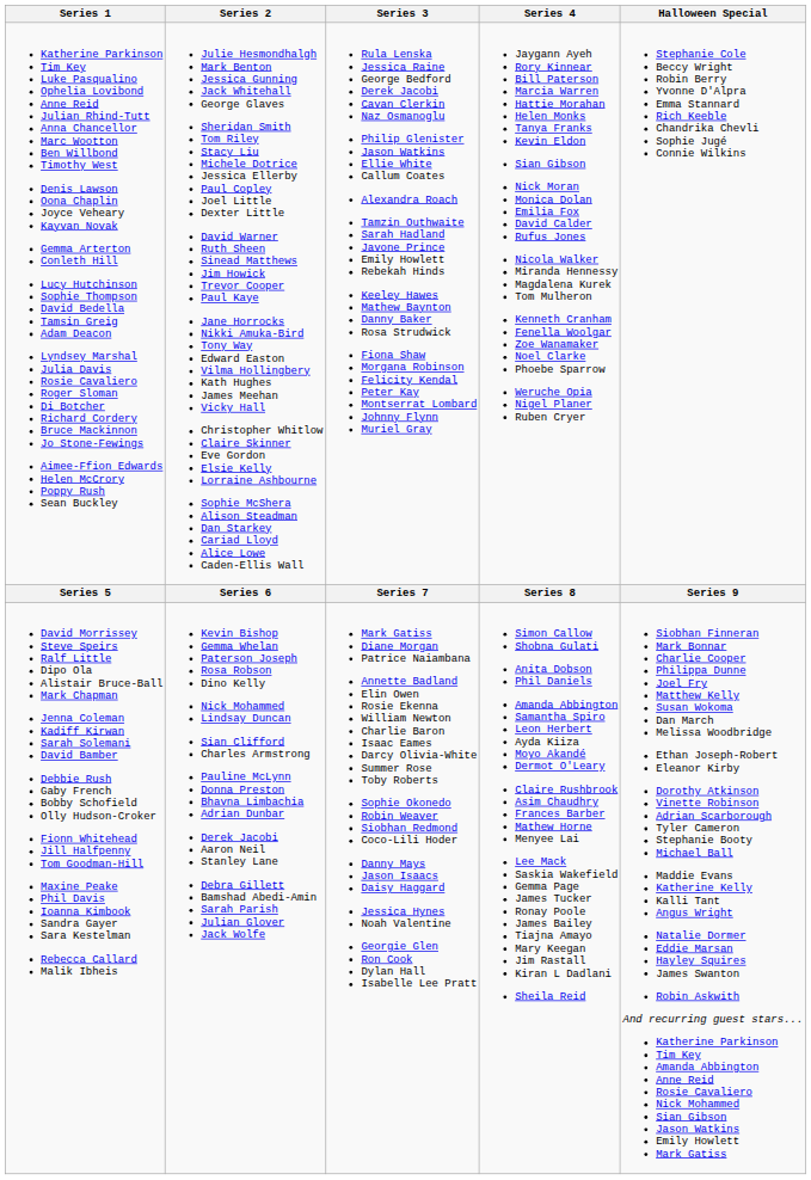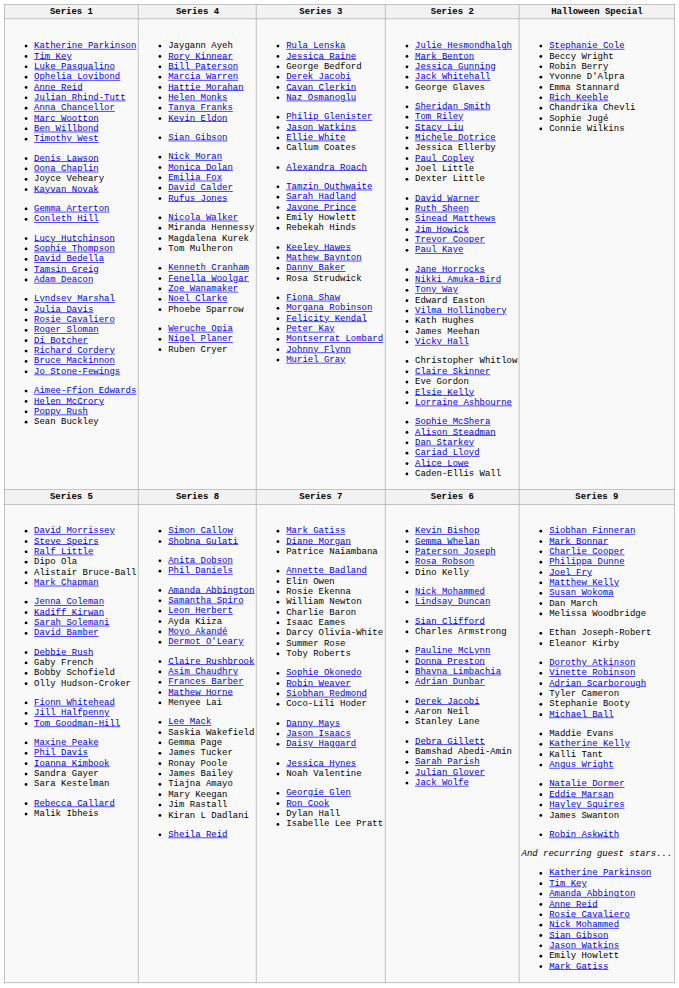 <table class="wikitable">
 <tr>
 <th scope="col">Series 1</th>
+<th scope="col">Series 4</th>
+<th scope="col">Series 3</th>
 <th scope="col">Series 2</th>
-<th scope="col">Series 3</th>
-<th scope="col">Series 4</th>
 <th scope="col">Halloween Special</th>
 </tr>
 <tr style="vertical-align: top;">
 <td><br><ul><li><a href='#'>Katherine Parkinson</a></li><li><a href='#'>Tim Key</a></li><li><a href='#'>Luke Pasqualino</a></li><li><a href='#'>Ophelia Lovibond</a></li><li><a href='#'>Anne Reid</a></li><li><a href='#'>Julian Rhind-Tutt</a></li><li><a href='#'>Anna Chancellor</a></li><li><a href='#'>Marc Wootton</a></li><li><a href='#'>Ben Willbond</a></li><li><a href='#'>Timothy West</a></li></ul><ul><li><a href='#'>Denis Lawson</a></li><li><a href='#'>Oona Chaplin</a></li><li>Joyce Veheary</li><li><a href='#'>Kayvan Novak</a></li></ul><ul><li><a href='#'>Gemma Arterton</a></li><li><a href='#'>Conleth Hill</a></li></ul><ul><li><a href='#'>Lucy Hutchinson</a></li><li><a href='#'>Sophie Thompson</a></li><li><a href='#'>David Bedella</a></li><li><a href='#'>Tamsin Greig</a></li><li><a href='#'>Adam Deacon</a></li></ul><ul><li><a href='#'>Lyndsey Marshal</a></li><li><a href='#'>Julia Davis</a></li><li><a href='#'>Rosie Cavaliero</a></li><li><a href='#'>Roger Sloman</a></li><li><a href='#'>Di Botcher</a></li><li><a href='#'>Richard Cordery</a></li><li><a href='#'>Bruce Mackinnon</a></li><li><a href='#'>Jo Stone-Fewings</a></li></ul><ul><li><a href='#'>Aimee-Ffion Edwards</a></li><li><a href='#'>Helen McCrory</a></li><li><a href='#'>Poppy Rush</a></li><li>Sean Buckley</li></ul></td>
+<td><br><ul><li>Jaygann Ayeh</li><li><a href='#'>Rory Kinnear</a></li><li><a href='#'>Bill Paterson</a></li><li><a href='#'>Marcia Warren</a></li><li><a href='#'>Hattie Morahan</a></li><li><a href='#'>Helen Monks</a></li><li><a href='#'>Tanya Franks</a></li><li><a href='#'>Kevin Eldon</a></li></ul><ul><li><a href='#'>Sian Gibson</a></li></ul><ul><li><a href='#'>Nick Moran</a></li><li><a href='#'>Monica Dolan</a></li><li><a href='#'>Emilia Fox</a></li><li><a href='#'>David Calder</a></li><li><a href='#'>Rufus Jones</a></li></ul><ul><li><a href='#'>Nicola Walker</a></li><li>Miranda Hennessy</li><li>Magdalena Kurek</li><li>Tom Mulheron</li></ul><ul><li><a href='#'>Kenneth Cranham</a></li><li><a href='#'>Fenella Woolgar</a></li><li><a href='#'>Zoe Wanamaker</a></li><li><a href='#'>Noel Clarke</a></li><li>Phoebe Sparrow</li></ul><ul><li><a href='#'>Weruche Opia</a></li><li><a href='#'>Nigel Planer</a></li><li>Ruben Cryer</li></ul></td>
+<td><br><ul><li><a href='#'>Rula Lenska</a></li><li><a href='#'>Jessica Raine</a></li><li>George Bedford</li><li><a href='#'>Derek Jacobi</a></li><li><a href='#'>Cavan Clerkin</a></li><li><a href='#'>Naz Osmanoglu</a></li></ul><ul><li><a href='#'>Philip Glenister</a></li><li><a href='#'>Jason Watkins</a></li><li><a href='#'>Ellie White</a></li><li>Callum Coates</li></ul><ul><li><a href='#'>Alexandra Roach</a></li></ul><ul><li><a href='#'>Tamzin Outhwaite</a></li><li><a href='#'>Sarah Hadland</a></li><li><a href='#'>Javone Prince</a></li><li>Emily Howlett</li><li>Rebekah Hinds</li></ul><ul><li><a href='#'>Keeley Hawes</a></li><li><a href='#'>Mathew Baynton</a></li><li><a href='#'>Danny Baker</a></li><li>Rosa Strudwick</li></ul><ul><li><a href='#'>Fiona Shaw</a></li><li><a href='#'>Morgana Robinson</a></li><li><a href='#'>Felicity Kendal</a></li><li><a href='#'>Peter Kay</a></li><li><a href='#'>Montserrat Lombard</a></li><li><a href='#'>Johnny Flynn</a></li><li><a href='#'>Muriel Gray</a></li></ul></td>
 <td><br><ul><li><a href='#'>Julie Hesmondhalgh</a></li><li><a href='#'>Mark Benton</a></li><li><a href='#'>Jessica Gunning</a></li><li><a href='#'>Jack Whitehall</a></li><li>George Glaves</li></ul><ul><li><a href='#'>Sheridan Smith</a></li><li><a href='#'>Tom Riley</a></li><li><a href='#'>Stacy Liu</a></li><li><a href='#'>Michele Dotrice</a></li><li>Jessica Ellerby</li><li><a href='#'>Paul Copley</a></li><li>Joel Little</li><li>Dexter Little</li></ul><ul><li><a href='#'>David Warner</a></li><li><a href='#'>Ruth Sheen</a></li><li><a href='#'>Sinead Matthews</a></li><li><a href='#'>Jim Howick</a></li><li><a href='#'>Trevor Cooper</a></li><li><a href='#'>Paul Kaye</a></li></ul><ul><li><a href='#'>Jane Horrocks</a></li><li><a href='#'>Nikki Amuka-Bird</a></li><li><a href='#'>Tony Way</a></li><li>Edward Easton</li><li><a href='#'>Vilma Hollingbery</a></li><li>Kath Hughes</li><li>James Meehan</li><li><a href='#'>Vicky Hall</a></li></ul><ul><li>Christopher Whitlow</li><li><a href='#'>Claire Skinner</a></li><li>Eve Gordon</li><li><a href='#'>Elsie Kelly</a></li><li><a href='#'>Lorraine Ashbourne</a></li></ul><ul><li><a href='#'>Sophie McShera</a></li><li><a href='#'>Alison Steadman</a></li><li><a href='#'>Dan Starkey</a></li><li><a href='#'>Cariad Lloyd</a></li><li><a href='#'>Alice Lowe</a></li><li>Caden-Ellis Wall</li></ul></td>
-<td><br><ul><li><a href='#'>Rula Lenska</a></li><li><a href='#'>Jessica Raine</a></li><li>George Bedford</li><li><a href='#'>Derek Jacobi</a></li><li><a href='#'>Cavan Clerkin</a></li><li><a href='#'>Naz Osmanoglu</a></li></ul><ul><li><a href='#'>Philip Glenister</a></li><li><a href='#'>Jason Watkins</a></li><li><a href='#'>Ellie White</a></li><li>Callum Coates</li></ul><ul><li><a href='#'>Alexandra Roach</a></li></ul><ul><li><a href='#'>Tamzin Outhwaite</a></li><li><a href='#'>Sarah Hadland</a></li><li><a href='#'>Javone Prince</a></li><li>Emily Howlett</li><li>Rebekah Hinds</li></ul><ul><li><a href='#'>Keeley Hawes</a></li><li><a href='#'>Mathew Baynton</a></li><li><a href='#'>Danny Baker</a></li><li>Rosa Strudwick</li></ul><ul><li><a href='#'>Fiona Shaw</a></li><li><a href='#'>Morgana Robinson</a></li><li><a href='#'>Felicity Kendal</a></li><li><a href='#'>Peter Kay</a></li><li><a href='#'>Montserrat Lombard</a></li><li><a href='#'>Johnny Flynn</a></li><li><a href='#'>Muriel Gray</a></li></ul></td>
-<td><br><ul><li>Jaygann Ayeh</li><li><a href='#'>Rory Kinnear</a></li><li><a href='#'>Bill Paterson</a></li><li><a href='#'>Marcia Warren</a></li><li><a href='#'>Hattie Morahan</a></li><li><a href='#'>Helen Monks</a></li><li><a href='#'>Tanya Franks</a></li><li><a href='#'>Kevin Eldon</a></li></ul><ul><li><a href='#'>Sian Gibson</a></li></ul><ul><li><a href='#'>Nick Moran</a></li><li><a href='#'>Monica Dolan</a></li><li><a href='#'>Emilia Fox</a></li><li><a href='#'>David Calder</a></li><li><a href='#'>Rufus Jones</a></li></ul><ul><li><a href='#'>Nicola Walker</a></li><li>Miranda Hennessy</li><li>Magdalena Kurek</li><li>Tom Mulheron</li></ul><ul><li><a href='#'>Kenneth Cranham</a></li><li><a href='#'>Fenella Woolgar</a></li><li><a href='#'>Zoe Wanamaker</a></li><li><a href='#'>Noel Clarke</a></li><li>Phoebe Sparrow</li></ul><ul><li><a href='#'>Weruche Opia</a></li><li><a href='#'>Nigel Planer</a></li><li>Ruben Cryer</li></ul></td>
 <td><br><ul><li><a href='#'>Stephanie Cole</a></li><li>Beccy Wright</li><li>Robin Berry</li><li>Yvonne D'Alpra</li><li>Emma Stannard</li><li><a href='#'>Rich Keeble</a></li><li>Chandrika Chevli</li><li>Sophie Jugé</li><li>Connie Wilkins</li></ul></td>
 </tr>
 <tr>
 <th scope="col">Series 5</th>
+<th scope="col">Series 8</th>
+<th scope="col">Series 7</th>
 <th scope="col">Series 6</th>
-<th scope="col">Series 7</th>
-<th scope="col">Series 8</th>
 <th scope="col">Series 9</th>
 </tr>
 <tr style="vertical-align: top;">
 <td><br><ul><li><a href='#'>David Morrissey</a></li><li><a href='#'>Steve Speirs</a></li><li><a href='#'>Ralf Little</a></li><li>Dipo Ola</li><li>Alistair Bruce-Ball</li><li><a href='#'>Mark Chapman</a></li></ul><ul><li><a href='#'>Jenna Coleman</a></li><li><a href='#'>Kadiff Kirwan</a></li><li><a href='#'>Sarah Solemani</a></li><li><a href='#'>David Bamber</a></li></ul><ul><li><a href='#'>Debbie Rush</a></li><li>Gaby French</li><li>Bobby Schofield</li><li>Olly Hudson-Croker</li></ul><ul><li><a href='#'>Fionn Whitehead</a></li><li><a href='#'>Jill Halfpenny</a></li><li><a href='#'>Tom Goodman-Hill</a></li></ul><ul><li><a href='#'>Maxine Peake</a></li><li><a href='#'>Phil Davis</a></li><li><a href='#'>Ioanna Kimbook</a></li><li>Sandra Gayer</li><li>Sara Kestelman</li></ul><ul><li><a href='#'>Rebecca Callard</a></li><li>Malik Ibheis</li></ul></td>
+<td><br><ul><li><a href='#'>Simon Callow</a></li><li><a href='#'>Shobna Gulati</a></li></ul><ul><li><a href='#'>Anita Dobson</a></li><li><a href='#'>Phil Daniels</a></li></ul><ul><li><a href='#'>Amanda Abbington</a></li><li><a href='#'>Samantha Spiro</a></li><li><a href='#'>Leon Herbert</a></li><li>Ayda Kiiza</li><li><a href='#'>Moyo Akandé</a></li><li><a href='#'>Dermot O'Leary</a></li></ul><ul><li><a href='#'>Claire Rushbrook</a></li><li><a href='#'>Asim Chaudhry</a></li><li><a href='#'>Frances Barber</a></li><li><a href='#'>Mathew Horne</a></li><li>Menyee Lai</li></ul><ul><li><a href='#'>Lee Mack</a></li><li>Saskia Wakefield</li><li>Gemma Page</li><li>James Tucker</li><li>Ronay Poole</li><li>James Bailey</li><li>Tiajna Amayo</li><li>Mary Keegan</li><li>Jim Rastall</li><li>Kiran L Dadlani</li></ul><ul><li><a href='#'>Sheila Reid</a></li></ul></td>
+<td><br><ul><li><a href='#'>Mark Gatiss</a></li><li><a href='#'>Diane Morgan</a></li><li>Patrice Naiambana</li></ul><ul><li><a href='#'>Annette Badland</a></li><li>Elin Owen</li><li>Rosie Ekenna</li><li>William Newton</li><li>Charlie Baron</li><li>Isaac Eames</li><li>Darcy Olivia-White</li><li>Summer Rose</li><li>Toby Roberts</li></ul><ul><li><a href='#'>Sophie Okonedo</a></li><li><a href='#'>Robin Weaver</a></li><li><a href='#'>Siobhan Redmond</a></li><li>Coco-Lili Hoder</li></ul><ul><li><a href='#'>Danny Mays</a></li><li><a href='#'>Jason Isaacs</a></li><li><a href='#'>Daisy Haggard</a></li></ul><ul><li><a href='#'>Jessica Hynes</a></li><li>Noah Valentine</li></ul><ul><li><a href='#'>Georgie Glen</a></li><li><a href='#'>Ron Cook</a></li><li>Dylan Hall</li><li>Isabelle Lee Pratt</li></ul></td>
 <td><br><ul><li><a href='#'>Kevin Bishop</a></li><li><a href='#'>Gemma Whelan</a></li><li><a href='#'>Paterson Joseph</a></li><li><a href='#'>Rosa Robson</a></li><li>Dino Kelly</li></ul><ul><li><a href='#'>Nick Mohammed</a></li><li><a href='#'>Lindsay Duncan</a></li></ul><ul><li><a href='#'>Sian Clifford</a></li><li>Charles Armstrong</li></ul><ul><li><a href='#'>Pauline McLynn</a></li><li><a href='#'>Donna Preston</a></li><li><a href='#'>Bhavna Limbachia</a></li><li><a href='#'>Adrian Dunbar</a></li></ul><ul><li><a href='#'>Derek Jacobi</a></li><li>Aaron Neil</li><li>Stanley Lane</li></ul><ul><li><a href='#'>Debra Gillett</a></li><li>Bamshad Abedi-Amin</li><li><a href='#'>Sarah Parish</a></li><li><a href='#'>Julian Glover</a></li><li><a href='#'>Jack Wolfe</a></li></ul></td>
-<td><br><ul><li><a href='#'>Mark Gatiss</a></li><li><a href='#'>Diane Morgan</a></li><li>Patrice Naiambana</li></ul><ul><li><a href='#'>Annette Badland</a></li><li>Elin Owen</li><li>Rosie Ekenna</li><li>William Newton</li><li>Charlie Baron</li><li>Isaac Eames</li><li>Darcy Olivia-White</li><li>Summer Rose</li><li>Toby Roberts</li></ul><ul><li><a href='#'>Sophie Okonedo</a></li><li><a href='#'>Robin Weaver</a></li><li><a href='#'>Siobhan Redmond</a></li><li>Coco-Lili Hoder</li></ul><ul><li><a href='#'>Danny Mays</a></li><li><a href='#'>Jason Isaacs</a></li><li><a href='#'>Daisy Haggard</a></li></ul><ul><li><a href='#'>Jessica Hynes</a></li><li>Noah Valentine</li></ul><ul><li><a href='#'>Georgie Glen</a></li><li><a href='#'>Ron Cook</a></li><li>Dylan Hall</li><li>Isabelle Lee Pratt</li></ul></td>
-<td><br><ul><li><a href='#'>Simon Callow</a></li><li><a href='#'>Shobna Gulati</a></li></ul><ul><li><a href='#'>Anita Dobson</a></li><li><a href='#'>Phil Daniels</a></li></ul><ul><li><a href='#'>Amanda Abbington</a></li><li><a href='#'>Samantha Spiro</a></li><li><a href='#'>Leon Herbert</a></li><li>Ayda Kiiza</li><li><a href='#'>Moyo Akandé</a></li><li><a href='#'>Dermot O'Leary</a></li></ul><ul><li><a href='#'>Claire Rushbrook</a></li><li><a href='#'>Asim Chaudhry</a></li><li><a href='#'>Frances Barber</a></li><li><a href='#'>Mathew Horne</a></li><li>Menyee Lai</li></ul><ul><li><a href='#'>Lee Mack</a></li><li>Saskia Wakefield</li><li>Gemma Page</li><li>James Tucker</li><li>Ronay Poole</li><li>James Bailey</li><li>Tiajna Amayo</li><li>Mary Keegan</li><li>Jim Rastall</li><li>Kiran L Dadlani</li></ul><ul><li><a href='#'>Sheila Reid</a></li></ul></td>
 <td><br><ul><li><a href='#'>Siobhan Finneran</a></li><li><a href='#'>Mark Bonnar</a></li><li><a href='#'>Charlie Cooper</a></li><li><a href='#'>Philippa Dunne</a></li><li><a href='#'>Joel Fry</a></li><li><a href='#'>Matthew Kelly</a></li><li><a href='#'>Susan Wokoma</a></li><li>Dan March</li><li>Melissa Woodbridge</li></ul><ul><li>Ethan Joseph-Robert</li><li>Eleanor Kirby</li></ul><ul><li><a href='#'>Dorothy Atkinson</a></li><li><a href='#'>Vinette Robinson</a></li><li><a href='#'>Adrian Scarborough</a></li><li>Tyler Cameron</li><li>Stephanie Booty</li><li><a href='#'>Michael Ball</a></li></ul><ul><li>Maddie Evans</li><li><a href='#'>Katherine Kelly</a></li><li>Kalli Tant</li><li><a href='#'>Angus Wright</a></li></ul><ul><li><a href='#'>Natalie Dormer</a></li><li><a href='#'>Eddie Marsan</a></li><li><a href='#'>Hayley Squires</a></li><li>James Swanton</li></ul><ul><li><a href='#'>Robin Askwith</a></li></ul><em>And recurring guest stars...</em><ul><li><a href='#'>Katherine Parkinson</a></li><li><a href='#'>Tim Key</a></li><li><a href='#'>Amanda Abbington</a></li><li><a href='#'>Anne Reid</a></li><li><a href='#'>Rosie Cavaliero</a></li><li><a href='#'>Nick Mohammed</a></li><li><a href='#'>Sian Gibson</a></li><li><a href='#'>Jason Watkins</a></li><li>Emily Howlett</li><li><a href='#'>Mark Gatiss</a></li></ul></td>
 </tr>
 </table>
